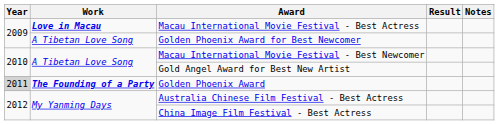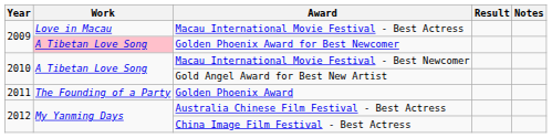 <table class="wikitable">
 <tr>
 <th>Year</th>
 <th>Work</th>
 <th>Award</th>
 <th>Result</th>
 <th>Notes</th>
 </tr>
 <tr>
 <td rowspan="2">2009</td>
-<td><strong><em><a href='#'>Love in Macau</a></em></strong></td>
+<td><em><a href='#'>Love in Macau</a></em></td>
 <td><a href='#'>Macau International Movie Festival</a> - Best Actress</td>
 <td></td>
 <td></td>
 </tr>
 <tr>
-<td><em><a href='#'>A Tibetan Love Song</a></em></td>
+<td style="background: pink;"><em><a href='#'>A Tibetan Love Song</a></em></td>
 <td><a href='#'>Golden Phoenix Award for Best Newcomer</a></td>
 <td></td>
 <td></td>
 </tr>
 <tr>
 <td rowspan="2">2010</td>
 <td rowspan="2"><em><a href='#'>A Tibetan Love Song</a></em></td>
 <td><a href='#'>Macau International Movie Festival</a> - Best Newcomer</td>
 <td></td>
 <td></td>
 </tr>
 <tr>
 <td>Gold Angel Award for Best New Artist</td>
 <td></td>
 <td></td>
 </tr>
 <tr>
-<td style="background: lightgrey;">2011</td>
-<td><strong><em><a href='#'>The Founding of a Party</a></em></strong></td>
+<td>2011</td>
+<td><em><a href='#'>The Founding of a Party</a></em></td>
 <td><a href='#'>Golden Phoenix Award</a></td>
 <td></td>
 <td></td>
 </tr>
 <tr>
 <td rowspan="2">2012</td>
 <td rowspan="2"><em><a href='#'>My Yanming Days</a></em></td>
 <td><a href='#'>Australia Chinese Film Festival</a> - Best Actress</td>
 <td></td>
 <td></td>
 </tr>
 <tr>
 <td><a href='#'>China Image Film Festival</a> - Best Actress</td>
 <td></td>
 <td></td>
 </tr>
 </table>
